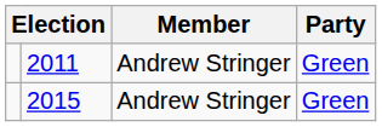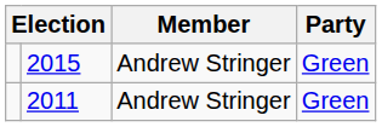 <table class="wikitable">
 <tr>
 <th colspan="2">Election</th>
 <th>Member</th>
 <th>Party</th>
 </tr>
 <tr>
 <td style="background-color: "></td>
-<td><a href='#'>2011</a></td>
+<td><a href='#'>2015</a></td>
 <td>Andrew Stringer</td>
 <td><a href='#'>Green</a></td>
 </tr>
 <tr>
 <td style="background-color: "></td>
-<td><a href='#'>2015</a></td>
+<td><a href='#'>2011</a></td>
 <td>Andrew Stringer</td>
 <td><a href='#'>Green</a></td>
 </tr>
 </table>
